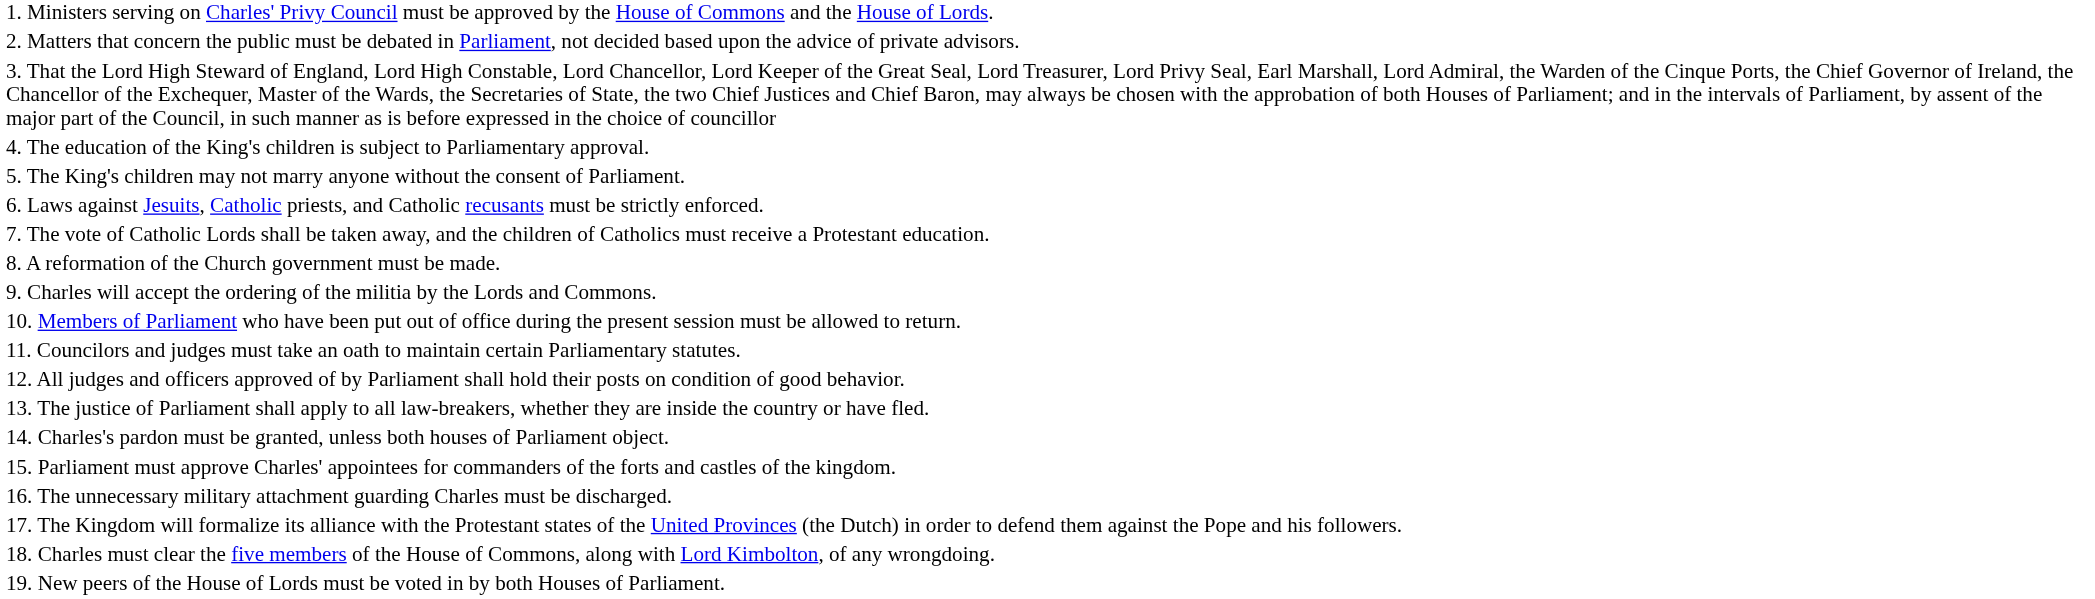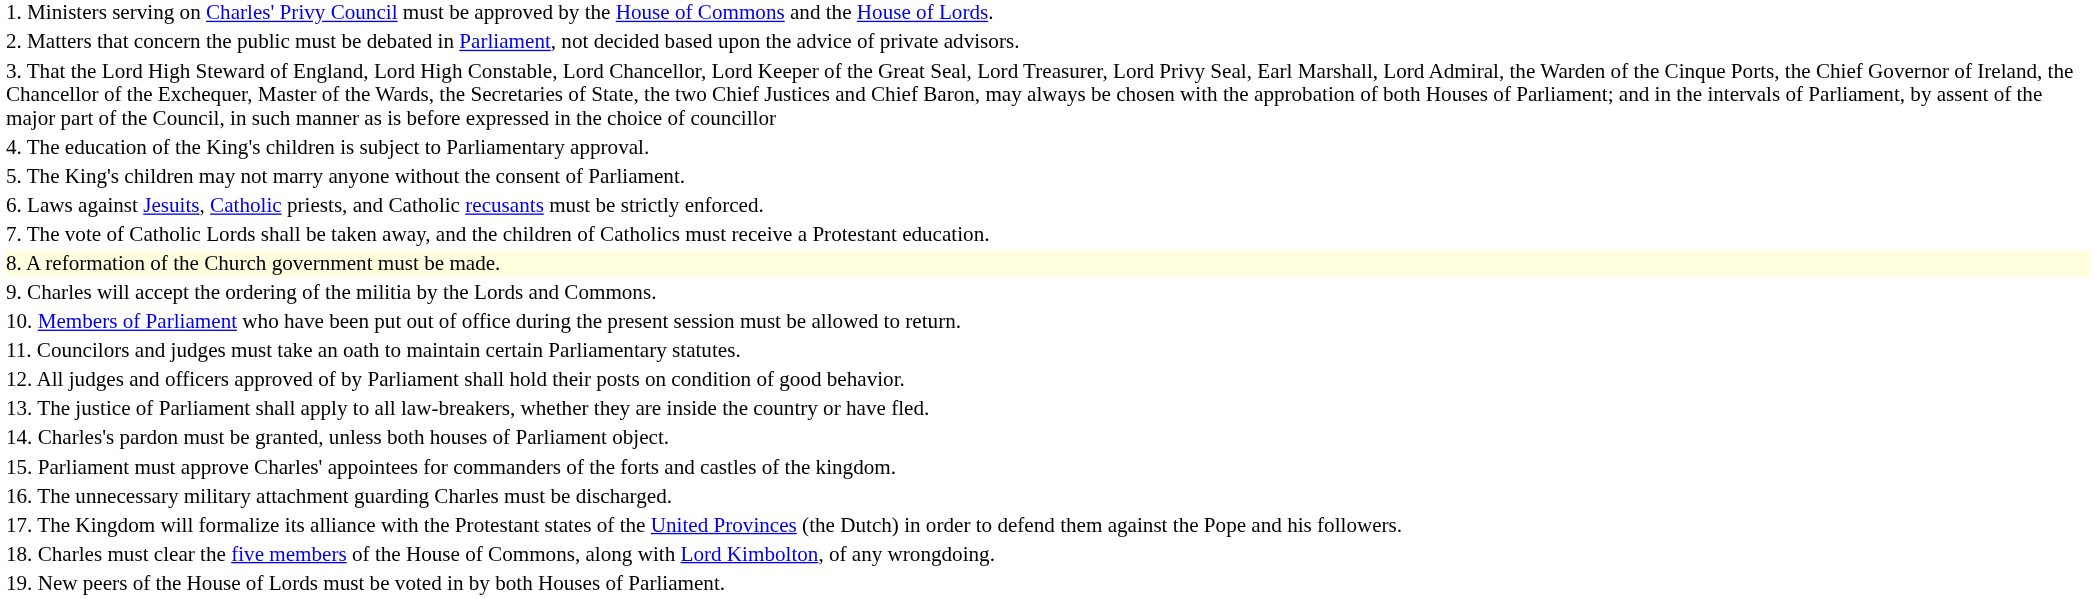 <table>
 <tr>
 <td>1.	Ministers serving on <a href='#'>Charles' Privy Council</a> must be approved by the <a href='#'>House of Commons</a> and the <a href='#'>House of Lords</a>.</td>
 </tr>
 <tr>
 <td>2.	Matters that concern the public must be debated in <a href='#'>Parliament</a>, not decided based upon the advice of private advisors.</td>
 </tr>
 <tr>
 <td>3. That the Lord High Steward of England, Lord High Constable, Lord Chancellor, Lord Keeper of the Great Seal, Lord Treasurer, Lord Privy Seal, Earl Marshall, Lord Admiral, the Warden of the Cinque Ports, the Chief Governor of Ireland, the Chancellor of the Exchequer, Master of the Wards, the Secretaries of State, the two Chief Justices and Chief Baron, may always be chosen with the approbation of both Houses of Parliament; and in the intervals of Parliament, by assent of the major part of the Council, in such manner as is before expressed in the choice of councillor</td>
 </tr>
 <tr>
 <td>4.	The education of the King's children is subject to Parliamentary approval.</td>
 </tr>
 <tr>
 <td>5.	The King's children may not marry anyone without the consent of Parliament.</td>
 </tr>
 <tr>
 <td>6.	Laws against <a href='#'>Jesuits</a>, <a href='#'>Catholic</a> priests, and Catholic <a href='#'>recusants</a> must be strictly enforced.</td>
 </tr>
 <tr>
 <td>7.	The vote of Catholic Lords shall be taken away, and the children of Catholics must receive a Protestant education.</td>
 </tr>
 <tr>
-<td>8.	A reformation of the Church government must be made.</td>
+<td style="background: lightyellow;">8.	A reformation of the Church government must be made.</td>
 </tr>
 <tr>
 <td>9.	Charles will accept the ordering of the militia by the Lords and Commons.</td>
 </tr>
 <tr>
 <td>10.	<a href='#'>Members of Parliament</a> who have been put out of office during the present session must be allowed to return.</td>
 </tr>
 <tr>
 <td>11.	Councilors and judges must take an oath to maintain certain Parliamentary statutes.</td>
 </tr>
 <tr>
 <td>12.	All judges and officers approved of by Parliament shall hold their posts on condition of good behavior.</td>
 </tr>
 <tr>
 <td>13.	The justice of Parliament shall apply to all law-breakers, whether they are inside the country or have fled.</td>
 </tr>
 <tr>
 <td>14.	Charles's pardon must be granted, unless both houses of Parliament object.</td>
 </tr>
 <tr>
 <td>15.	Parliament must approve Charles' appointees for commanders of the forts and castles of the kingdom.</td>
 </tr>
 <tr>
 <td>16.	The unnecessary military attachment guarding Charles must be discharged.</td>
 </tr>
 <tr>
 <td>17.	The Kingdom will formalize its alliance with the Protestant states of the <a href='#'>United Provinces</a> (the Dutch) in order to defend them against the Pope and his followers.</td>
 </tr>
 <tr>
 <td>18.	Charles must clear the <a href='#'>five members</a> of the House of Commons, along with <a href='#'>Lord Kimbolton</a>, of any wrongdoing.</td>
 </tr>
 <tr>
 <td>19.	New peers of the House of Lords must be voted in by both Houses of Parliament.</td>
 </tr>
 </table>
